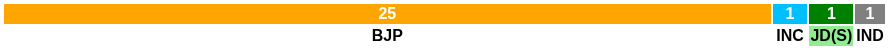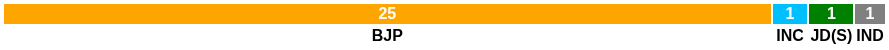 <table style="width:70%; text-align:center;">
 <tr style="color:white;">
 <td style="background:orange; width:89.29%;"><strong>25</strong></td>
 <td style="background:DeepSkyBlue; width:4%;"><strong>1</strong></td>
 <td style="background:green; width:4%;"><strong>1</strong></td>
 <td style="background:grey; width:2.71%;"><strong>1</strong></td>
 </tr>
 <tr>
 <td><span><strong>BJP</strong></span></td>
 <td><span><strong>INC</strong></span></td>
-<td style="background: lightgreen;"><span><strong>JD(S)</strong></span></td>
+<td><span><strong>JD(S)</strong></span></td>
 <td><span><strong>IND</strong></span></td>
 </tr>
 </table>
